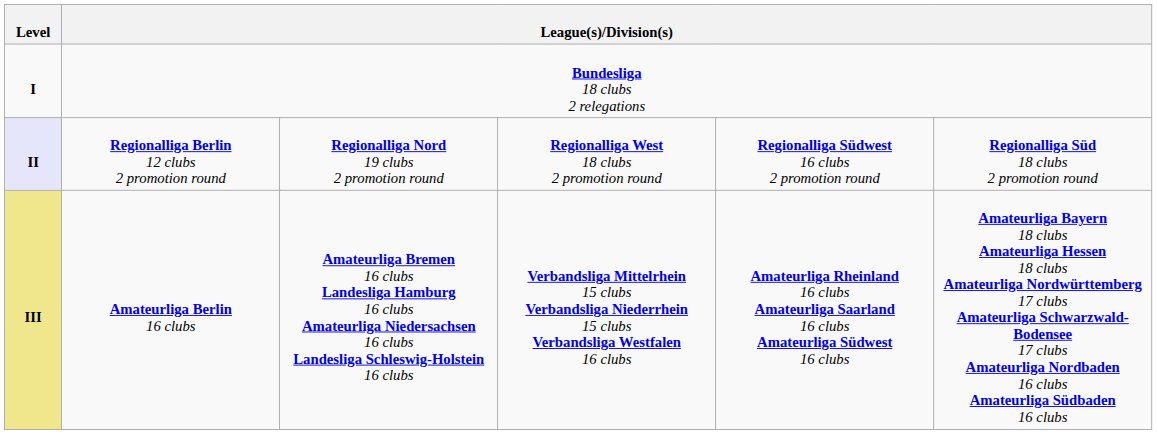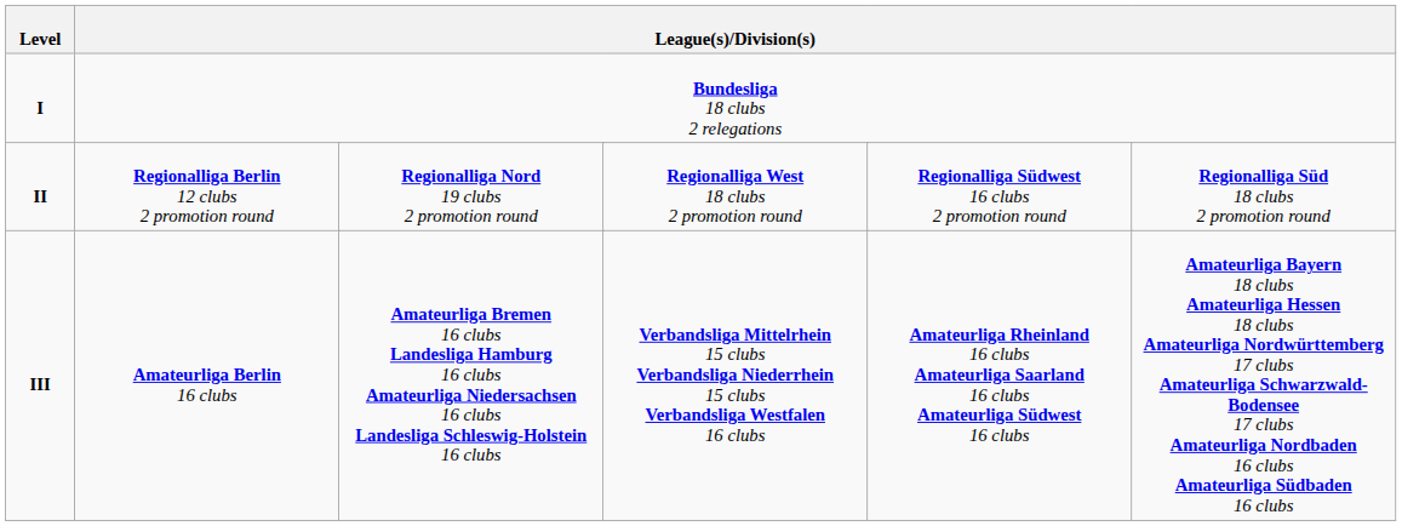 <table class="wikitable" style="text-align: center;">
 <tr>
 <th colspan="1" width="4%"><br>Level</th>
 <th colspan="10" width="96%"><br>League(s)/Division(s)</th>
 </tr>
 <tr>
 <td colspan="1" width="5%"><br><strong>I</strong></td>
 <td colspan="10" width="95%"><br><strong><a href='#'>Bundesliga</a></strong><br> <em>18 clubs</em><br> <em>2 relegations</em></td>
 </tr>
 <tr>
-<td colspan="1" width="5%" style="background: lavender;"><br><strong>II</strong></td>
+<td colspan="1" width="5%"><br><strong>II</strong></td>
 <td colspan="2" width="19%"><br><strong><a href='#'>Regionalliga Berlin</a></strong><br> <em>12 clubs</em><br> <em>2 promotion round</em><br></td>
 <td colspan="2" width="19%"><br><strong><a href='#'>Regionalliga Nord</a></strong><br> <em>19 clubs</em><br> <em>2 promotion round</em><br></td>
 <td colspan="2" width="19%"><br><strong><a href='#'>Regionalliga West</a></strong><br> <em>18 clubs</em><br> <em>2 promotion round</em><br></td>
 <td colspan="2" width="19%"><br><strong><a href='#'>Regionalliga Südwest</a></strong><br> <em>16 clubs</em><br> <em>2 promotion round</em><br></td>
 <td colspan="2" width="19%"><br><strong><a href='#'>Regionalliga Süd</a></strong><br> <em>18 clubs</em><br> <em>2 promotion round</em><br></td>
 </tr>
 <tr>
-<td colspan="1" width="5%" style="background: khaki;"><br><strong>III</strong></td>
+<td colspan="1" width="5%"><br><strong>III</strong></td>
 <td colspan="2" width="19%"><br><strong><a href='#'>Amateurliga Berlin</a></strong><br> <em>16 clubs</em><br></td>
 <td colspan="2" width="19%"><br><strong><a href='#'>Amateurliga Bremen</a></strong><br> <em>16 clubs</em><br> <strong><a href='#'>Landesliga Hamburg</a></strong><br> <em>16 clubs</em><br> <strong><a href='#'>Amateurliga Niedersachsen</a></strong><br> <em>16 clubs</em><br> <strong><a href='#'>Landesliga Schleswig-Holstein</a></strong><br> <em>16 clubs</em><br></td>
 <td colspan="2" width="19%"><br><strong><a href='#'>Verbandsliga Mittelrhein</a></strong><br> <em>15 clubs</em><br> <strong><a href='#'>Verbandsliga Niederrhein</a></strong><br> <em>15 clubs</em><br> <strong><a href='#'>Verbandsliga Westfalen</a></strong><br> <em>16 clubs</em><br></td>
 <td colspan="2" width="19%"><br><strong><a href='#'>Amateurliga Rheinland</a></strong><br> <em>16 clubs</em><br> <strong><a href='#'>Amateurliga Saarland</a></strong><br> <em>16 clubs</em><br> <strong><a href='#'>Amateurliga Südwest</a></strong><br> <em>16 clubs</em><br></td>
 <td colspan="2" width="19%"><br><strong><a href='#'>Amateurliga Bayern</a></strong><br> <em>18 clubs</em><br> <strong><a href='#'>Amateurliga Hessen</a></strong><br> <em>18 clubs</em><br> <strong><a href='#'>Amateurliga Nordwürttemberg</a></strong><br> <em>17 clubs</em><br> <strong><a href='#'>Amateurliga Schwarzwald-Bodensee</a></strong><br> <em>17 clubs</em><br> <strong><a href='#'>Amateurliga Nordbaden</a></strong><br> <em>16 clubs</em><br> <strong><a href='#'>Amateurliga Südbaden</a></strong><br> <em>16 clubs</em><br></td>
 </tr>
 </table>
